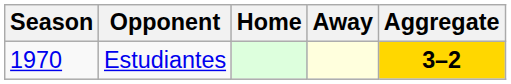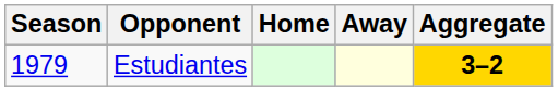 <table class="wikitable">
 <tr>
 <th>Season</th>
 <th>Opponent</th>
 <th>Home</th>
 <th>Away</th>
 <th>Aggregate</th>
 </tr>
 <tr>
-<td><a href='#'>1970</a></td>
+<td><a href='#'>1979</a></td>
 <td> <a href='#'>Estudiantes</a></td>
 <td bgcolor="#ddffdd" style="text-align:center;"></td>
 <td bgcolor="#ffffdd" style="text-align:center;"></td>
 <td bgcolor="#FFD700" style="text-align:center;"><strong>3–2</strong></td>
 </tr>
 </table>
